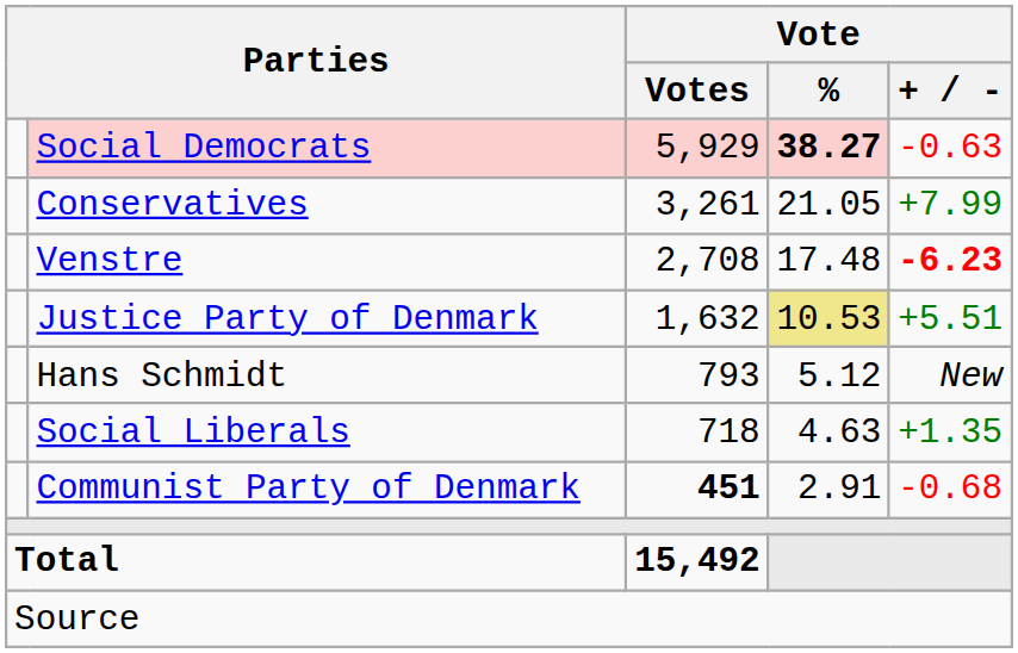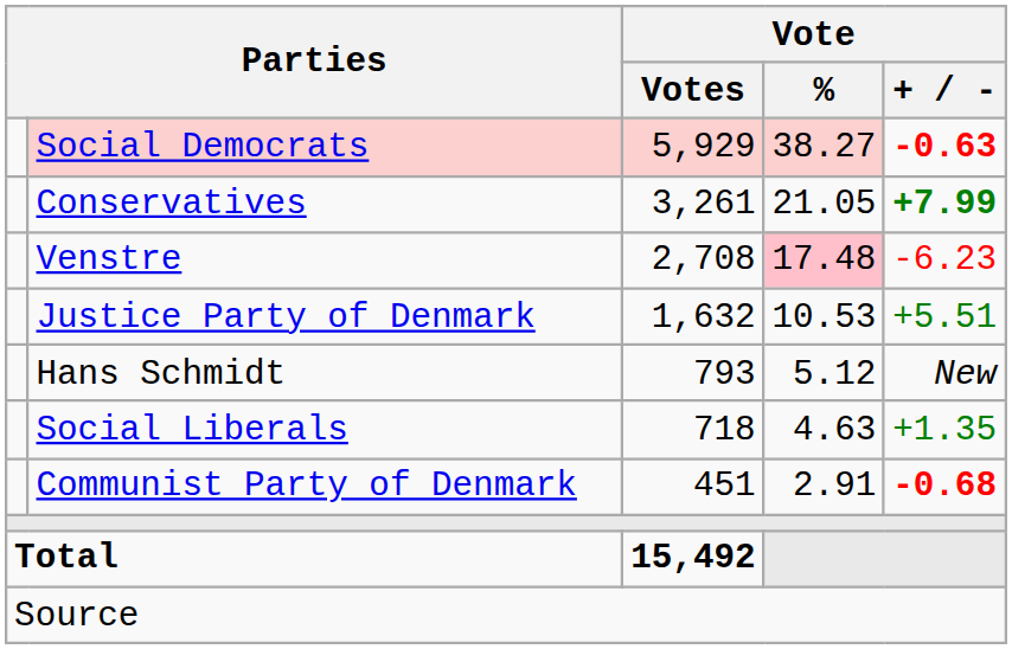 <table class="wikitable" style="text-align:right;">
 <tr>
 <th style="text-align:centre;" rowspan="2" colspan="2" width="225">Parties</th>
 <th colspan="3">Vote</th>
 </tr>
 <tr>
 <th width="15">Votes</th>
 <th width="15">%</th>
 <th width="15">+ / -</th>
 </tr>
 <tr>
 <td width="2" style="color:inherit;background:"></td>
 <td bgcolor=#fbd0ce  align="left"><a href='#'>Social Democrats</a></td>
 <td bgcolor=#fbd0ce>5,929</td>
-<td bgcolor=#fbd0ce><strong>38.27</strong></td>
-<td style=color:red;>-0.63</td>
+<td bgcolor=#fbd0ce>38.27</td>
+<td style=color:red;><strong>-0.63</strong></td>
 </tr>
 <tr>
 <td width="2" style="color:inherit;background:"></td>
 <td align="left"><a href='#'>Conservatives</a></td>
 <td>3,261</td>
 <td>21.05</td>
-<td style=color:green;>+7.99</td>
+<td style=color:green;><strong>+7.99</strong></td>
 </tr>
 <tr>
 <td width="2" style="color:inherit;background:"></td>
 <td align="left"><a href='#'>Venstre</a></td>
 <td>2,708</td>
-<td>17.48</td>
-<td style=color:red;><strong>-6.23</strong></td>
+<td style="background: pink;">17.48</td>
+<td style=color:red;>-6.23</td>
 </tr>
 <tr>
 <td width="2" style="color:inherit;background:"></td>
 <td align="left"><a href='#'>Justice Party of Denmark</a></td>
 <td>1,632</td>
-<td style="background: khaki;">10.53</td>
+<td>10.53</td>
 <td style=color:green;>+5.51</td>
 </tr>
 <tr>
 <td width="2" style="color:inherit;background:"></td>
 <td align="left">Hans Schmidt</td>
 <td>793</td>
 <td>5.12</td>
 <td><em>New</em></td>
 </tr>
 <tr>
 <td width="2" style="color:inherit;background:"></td>
 <td align="left"><a href='#'>Social Liberals</a></td>
 <td>718</td>
 <td>4.63</td>
 <td style=color:green;>+1.35</td>
 </tr>
 <tr>
 <td width="2" style="color:inherit;background:"></td>
 <td align="left"><a href='#'>Communist Party of Denmark</a></td>
-<td><strong>451</strong></td>
+<td>451</td>
 <td>2.91</td>
-<td style=color:red;>-0.68</td>
+<td style=color:red;><strong>-0.68</strong></td>
 </tr>
 <tr>
 <td colspan="7" bgcolor="#E9E9E9"></td>
 </tr>
 <tr>
 <td align="left" colspan="2"><strong>Total</strong></td>
 <td><strong>15,492</strong></td>
 <td bgcolor="#E9E9E9" colspan="2"></td>
 </tr>
 <tr>
 <td align="left" colspan="6">Source</td>
 </tr>
 </table>
